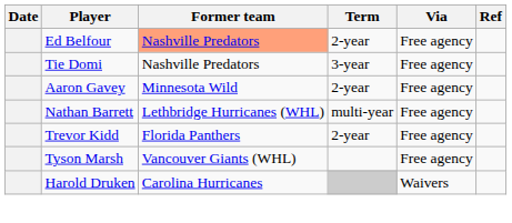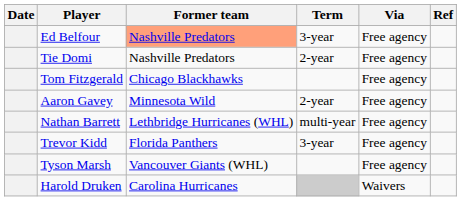 <table class="wikitable plainrowheaders">
 <tr style="background:#ddd; text-align:center;">
 <th>Date</th>
 <th>Player</th>
 <th>Former team</th>
 <th>Term</th>
 <th>Via</th>
 <th>Ref</th>
 </tr>
 <tr>
 <th scope="row"></th>
 <td><a href='#'>Ed Belfour</a></td>
 <td style="background: lightsalmon;"><a href='#'>Nashville Predators</a></td>
-<td>2-year</td>
+<td>3-year</td>
 <td>Free agency</td>
 <td></td>
 </tr>
 <tr>
 <th scope="row"></th>
 <td><a href='#'>Tie Domi</a></td>
 <td>Nashville Predators</td>
-<td>3-year</td>
+<td>2-year</td>
+<td>Free agency</td>
+<td></td>
+</tr>
+<tr>
+<th scope="row"></th>
+<td><a href='#'>Tom Fitzgerald</a></td>
+<td><a href='#'>Chicago Blackhawks</a></td>
+<td></td>
 <td>Free agency</td>
 <td></td>
 </tr>
 <tr>
 <th scope="row"></th>
 <td><a href='#'>Aaron Gavey</a></td>
 <td><a href='#'>Minnesota Wild</a></td>
 <td>2-year</td>
 <td>Free agency</td>
 <td></td>
 </tr>
 <tr>
 <th scope="row"></th>
 <td><a href='#'>Nathan Barrett</a></td>
 <td><a href='#'>Lethbridge Hurricanes</a> (<a href='#'>WHL</a>)</td>
 <td>multi-year</td>
 <td>Free agency</td>
 <td></td>
 </tr>
 <tr>
 <th scope="row"></th>
 <td><a href='#'>Trevor Kidd</a></td>
 <td><a href='#'>Florida Panthers</a></td>
-<td>2-year</td>
+<td>3-year</td>
 <td>Free agency</td>
 <td></td>
 </tr>
 <tr>
 <th scope="row"></th>
 <td><a href='#'>Tyson Marsh</a></td>
 <td><a href='#'>Vancouver Giants</a> (WHL)</td>
 <td></td>
 <td>Free agency</td>
 <td></td>
 </tr>
 <tr>
 <th scope="row"></th>
 <td><a href='#'>Harold Druken</a></td>
 <td><a href='#'>Carolina Hurricanes</a></td>
 <td style="background:#ccc"></td>
 <td>Waivers</td>
 <td></td>
 </tr>
 </table>
